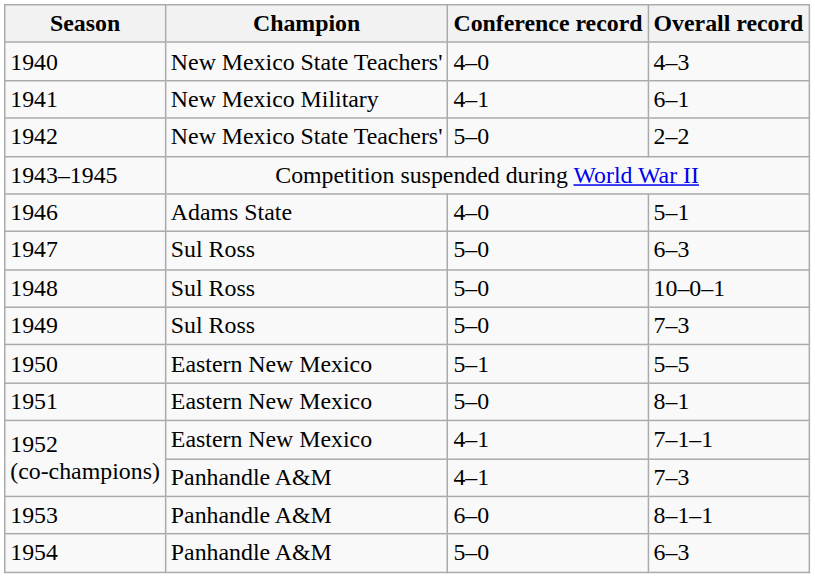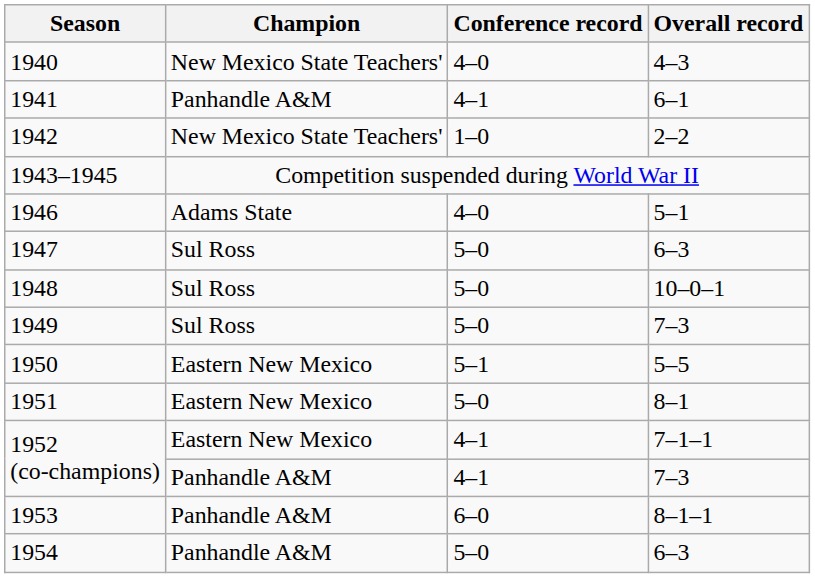 <table class="wikitable" style="white-space:nowrap;">
 <tr>
 <th>Season</th>
 <th>Champion</th>
 <th>Conference record</th>
 <th>Overall record</th>
 </tr>
 <tr>
 <td>1940</td>
 <td>New Mexico State Teachers'</td>
 <td>4–0</td>
 <td>4–3</td>
 </tr>
 <tr>
 <td>1941</td>
-<td>New Mexico Military</td>
+<td>Panhandle A&M</td>
 <td>4–1</td>
 <td>6–1</td>
 </tr>
 <tr>
 <td>1942</td>
 <td>New Mexico State Teachers'</td>
-<td>5–0</td>
+<td>1–0</td>
 <td>2–2</td>
 </tr>
 <tr>
 <td>1943–1945</td>
 <td colspan=3 style="text-align:center">Competition suspended during <a href='#'>World War II</a></td>
 </tr>
 <tr>
 <td>1946</td>
 <td>Adams State</td>
 <td>4–0</td>
 <td>5–1</td>
 </tr>
 <tr>
 <td>1947</td>
 <td>Sul Ross</td>
 <td>5–0</td>
 <td>6–3</td>
 </tr>
 <tr>
 <td>1948</td>
 <td>Sul Ross</td>
 <td>5–0</td>
 <td>10–0–1</td>
 </tr>
 <tr>
 <td>1949</td>
 <td>Sul Ross</td>
 <td>5–0</td>
 <td>7–3</td>
 </tr>
 <tr>
 <td>1950</td>
 <td>Eastern New Mexico</td>
 <td>5–1</td>
 <td>5–5</td>
 </tr>
 <tr>
 <td>1951</td>
 <td>Eastern New Mexico</td>
 <td>5–0</td>
 <td>8–1</td>
 </tr>
 <tr>
 <td rowspan=2>1952<br>(co-champions)</td>
 <td>Eastern New Mexico</td>
 <td>4–1</td>
 <td>7–1–1</td>
 </tr>
 <tr>
 <td>Panhandle A&M</td>
 <td>4–1</td>
 <td>7–3</td>
 </tr>
 <tr>
 <td>1953</td>
 <td>Panhandle A&M</td>
 <td>6–0</td>
 <td>8–1–1</td>
 </tr>
 <tr>
 <td>1954</td>
 <td>Panhandle A&M</td>
 <td>5–0</td>
 <td>6–3</td>
 </tr>
 </table>
